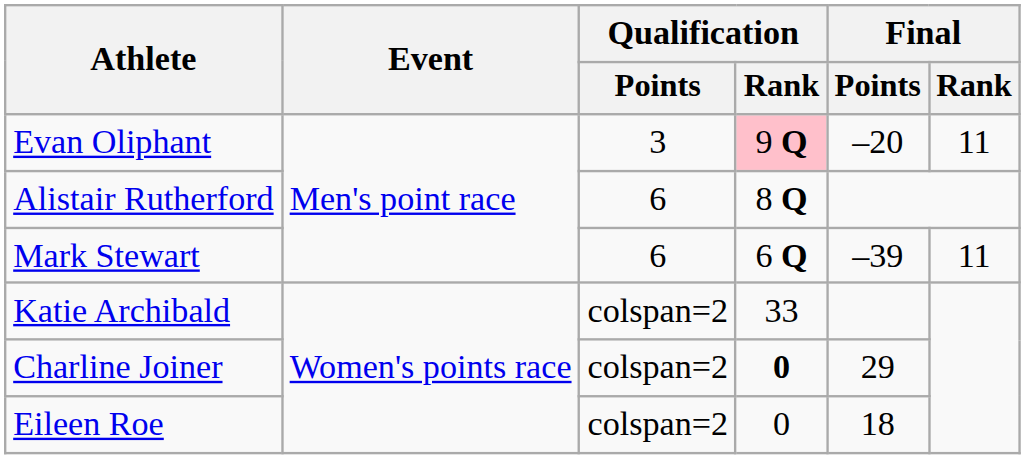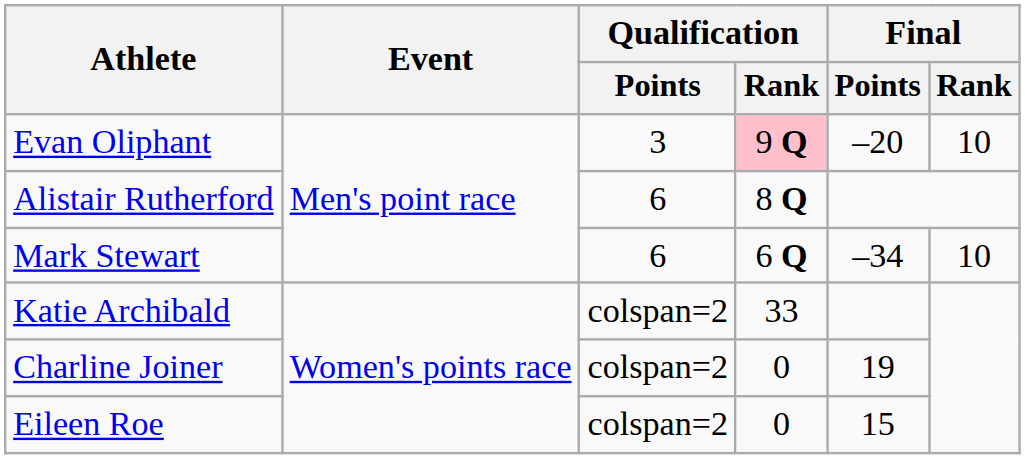 <table class="wikitable" style="font-size:90%;">
 <tr>
 <th rowspan=2>Athlete</th>
 <th rowspan=2>Event</th>
 <th colspan=2>Qualification</th>
 <th colspan=2>Final</th>
 </tr>
 <tr style="font-size:95%">
 <th>Points</th>
 <th>Rank</th>
 <th>Points</th>
 <th>Rank</th>
 </tr>
 <tr align=center>
 <td align=left><a href='#'>Evan Oliphant</a></td>
 <td align=left rowspan=3><a href='#'>Men's point race</a></td>
 <td>3</td>
 <td style="background: pink;">9 <strong>Q</strong></td>
 <td>–20</td>
-<td>11</td>
+<td>10</td>
 </tr>
 <tr align=center>
 <td align=left><a href='#'>Alistair Rutherford</a></td>
 <td>6</td>
 <td>8 <strong>Q</strong></td>
 <td colspan="2"></td>
 </tr>
 <tr align=center>
 <td align=left><a href='#'>Mark Stewart</a></td>
 <td>6</td>
 <td>6 <strong>Q</strong></td>
-<td>–39</td>
-<td>11</td>
+<td>–34</td>
+<td>10</td>
 </tr>
 <tr align=center>
 <td align=left><a href='#'>Katie Archibald</a></td>
 <td align=left rowspan=3><a href='#'>Women's points race</a></td>
 <td>colspan=2 </td>
 <td>33</td>
 <td></td>
 </tr>
 <tr align=center>
 <td align=left><a href='#'>Charline Joiner</a></td>
 <td>colspan=2 </td>
-<td><strong>0</strong></td>
-<td>29</td>
+<td>0</td>
+<td>19</td>
 </tr>
 <tr align=center>
 <td align=left><a href='#'>Eileen Roe</a></td>
 <td>colspan=2 </td>
 <td>0</td>
-<td>18</td>
+<td>15</td>
 </tr>
 </table>
